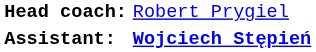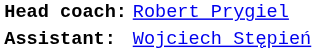 <table>
 <tr>
 <td><strong>Head coach:</strong></td>
 <td> <a href='#'>Robert Prygiel</a></td>
 </tr>
 <tr>
 <td><strong>Assistant:</strong></td>
-<td><strong> <a href='#'>Wojciech Stępień</a></strong></td>
+<td> <a href='#'>Wojciech Stępień</a></td>
 </tr>
 <tr>
 </tr>
 </table>
